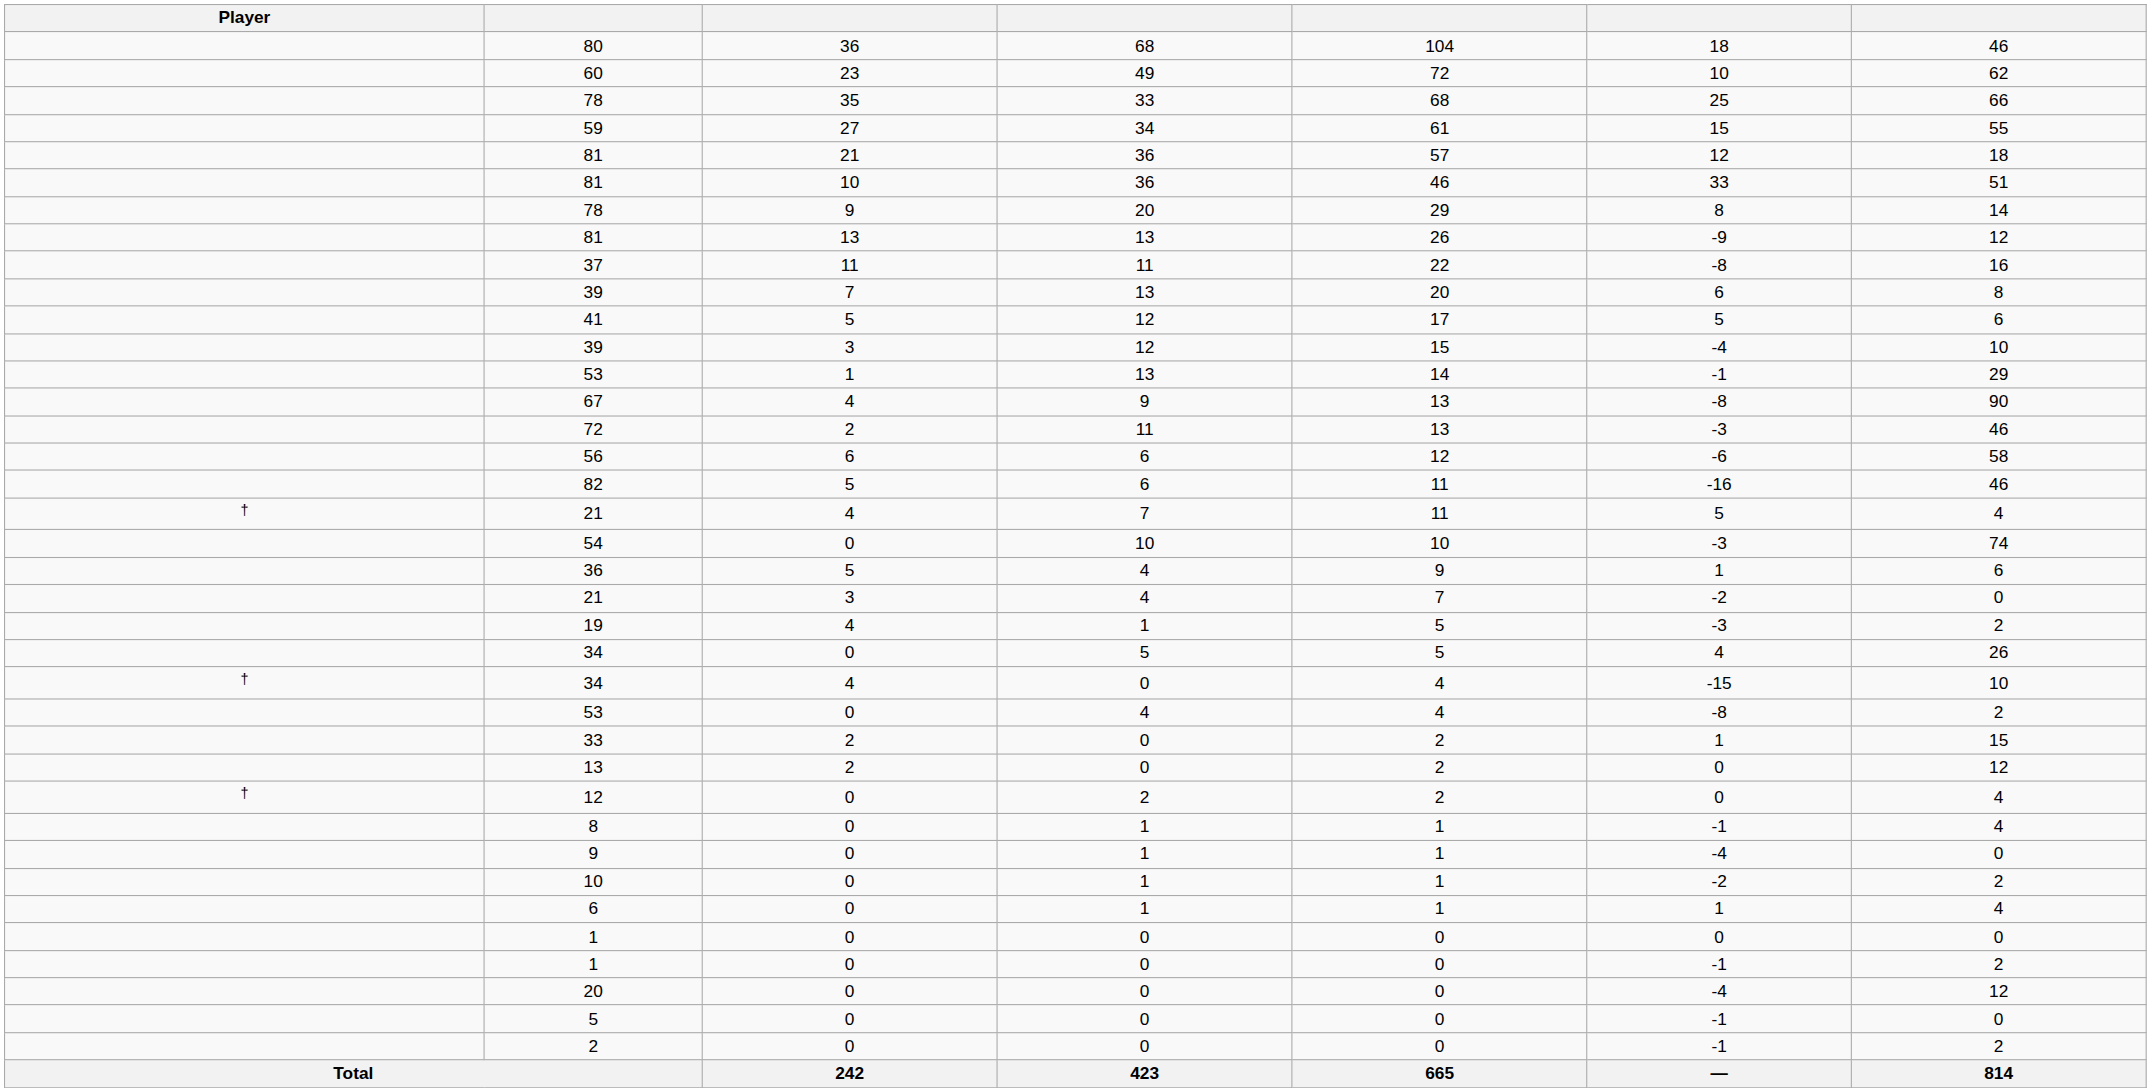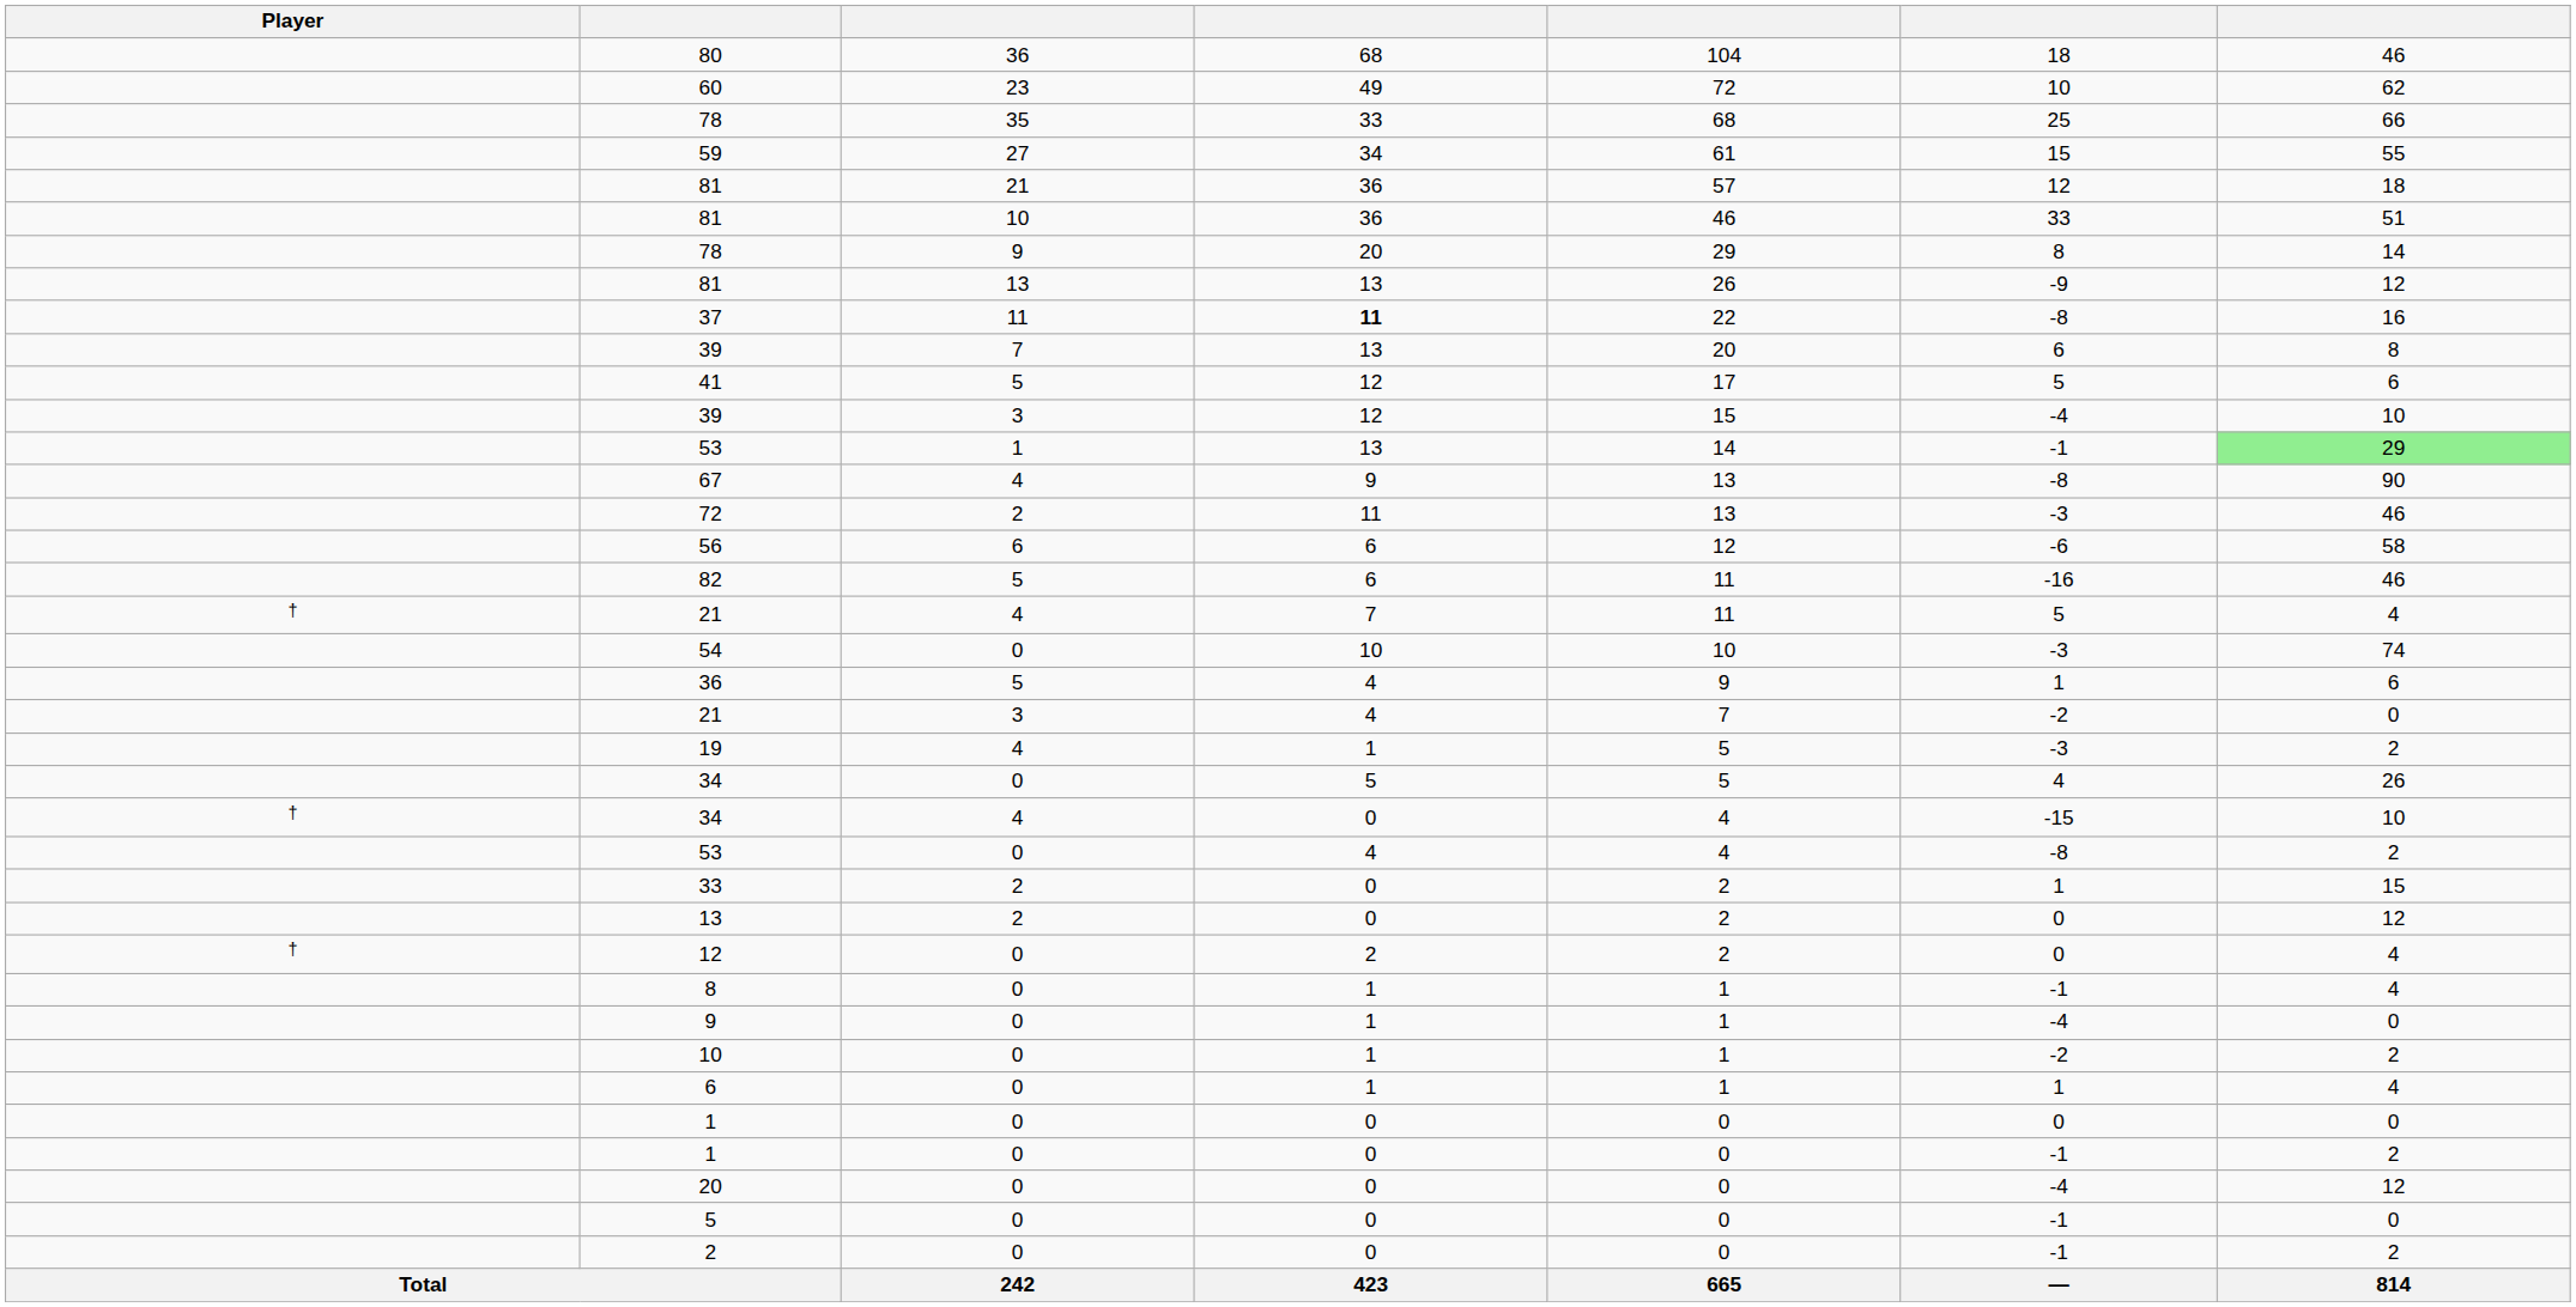 <table class="wikitable sortable" style="width:100%; text-align:center;">
 <tr align=center>
 <th>Player</th>
 <th></th>
 <th></th>
 <th></th>
 <th></th>
 <th data-sort-type="number"></th>
 <th></th>
 </tr>
 <tr>
 <td></td>
 <td>80</td>
 <td>36</td>
 <td>68</td>
 <td>104</td>
 <td>18</td>
 <td>46</td>
 </tr>
 <tr>
 <td></td>
 <td>60</td>
 <td>23</td>
 <td>49</td>
 <td>72</td>
 <td>10</td>
 <td>62</td>
 </tr>
 <tr>
 <td></td>
 <td>78</td>
 <td>35</td>
 <td>33</td>
 <td>68</td>
 <td>25</td>
 <td>66</td>
 </tr>
 <tr>
 <td></td>
 <td>59</td>
 <td>27</td>
 <td>34</td>
 <td>61</td>
 <td>15</td>
 <td>55</td>
 </tr>
 <tr>
 <td></td>
 <td>81</td>
 <td>21</td>
 <td>36</td>
 <td>57</td>
 <td>12</td>
 <td>18</td>
 </tr>
 <tr>
 <td></td>
 <td>81</td>
 <td>10</td>
 <td>36</td>
 <td>46</td>
 <td>33</td>
 <td>51</td>
 </tr>
 <tr>
 <td></td>
 <td>78</td>
 <td>9</td>
 <td>20</td>
 <td>29</td>
 <td>8</td>
 <td>14</td>
 </tr>
 <tr>
 <td></td>
 <td>81</td>
 <td>13</td>
 <td>13</td>
 <td>26</td>
 <td>-9</td>
 <td>12</td>
 </tr>
 <tr>
 <td></td>
 <td>37</td>
 <td>11</td>
-<td>11</td>
+<td><strong>11</strong></td>
 <td>22</td>
 <td>-8</td>
 <td>16</td>
 </tr>
 <tr>
 <td></td>
 <td>39</td>
 <td>7</td>
 <td>13</td>
 <td>20</td>
 <td>6</td>
 <td>8</td>
 </tr>
 <tr>
 <td></td>
 <td>41</td>
 <td>5</td>
 <td>12</td>
 <td>17</td>
 <td>5</td>
 <td>6</td>
 </tr>
 <tr>
 <td></td>
 <td>39</td>
 <td>3</td>
 <td>12</td>
 <td>15</td>
 <td>-4</td>
 <td>10</td>
 </tr>
 <tr>
 <td></td>
 <td>53</td>
 <td>1</td>
 <td>13</td>
 <td>14</td>
 <td>-1</td>
-<td>29</td>
+<td style="background: lightgreen;">29</td>
 </tr>
 <tr>
 <td></td>
 <td>67</td>
 <td>4</td>
 <td>9</td>
 <td>13</td>
 <td>-8</td>
 <td>90</td>
 </tr>
 <tr>
 <td></td>
 <td>72</td>
 <td>2</td>
 <td>11</td>
 <td>13</td>
 <td>-3</td>
 <td>46</td>
 </tr>
 <tr>
 <td></td>
 <td>56</td>
 <td>6</td>
 <td>6</td>
 <td>12</td>
 <td>-6</td>
 <td>58</td>
 </tr>
 <tr>
 <td></td>
 <td>82</td>
 <td>5</td>
 <td>6</td>
 <td>11</td>
 <td>-16</td>
 <td>46</td>
 </tr>
 <tr>
 <td><sup>†</sup></td>
 <td>21</td>
 <td>4</td>
 <td>7</td>
 <td>11</td>
 <td>5</td>
 <td>4</td>
 </tr>
 <tr>
 <td></td>
 <td>54</td>
 <td>0</td>
 <td>10</td>
 <td>10</td>
 <td>-3</td>
 <td>74</td>
 </tr>
 <tr>
 <td></td>
 <td>36</td>
 <td>5</td>
 <td>4</td>
 <td>9</td>
 <td>1</td>
 <td>6</td>
 </tr>
 <tr>
 <td></td>
 <td>21</td>
 <td>3</td>
 <td>4</td>
 <td>7</td>
 <td>-2</td>
 <td>0</td>
 </tr>
 <tr>
 <td></td>
 <td>19</td>
 <td>4</td>
 <td>1</td>
 <td>5</td>
 <td>-3</td>
 <td>2</td>
 </tr>
 <tr>
 <td></td>
 <td>34</td>
 <td>0</td>
 <td>5</td>
 <td>5</td>
 <td>4</td>
 <td>26</td>
 </tr>
 <tr>
 <td><sup>†</sup></td>
 <td>34</td>
 <td>4</td>
 <td>0</td>
 <td>4</td>
 <td>-15</td>
 <td>10</td>
 </tr>
 <tr>
 <td></td>
 <td>53</td>
 <td>0</td>
 <td>4</td>
 <td>4</td>
 <td>-8</td>
 <td>2</td>
 </tr>
 <tr>
 <td></td>
 <td>33</td>
 <td>2</td>
 <td>0</td>
 <td>2</td>
 <td>1</td>
 <td>15</td>
 </tr>
 <tr>
 <td></td>
 <td>13</td>
 <td>2</td>
 <td>0</td>
 <td>2</td>
 <td>0</td>
 <td>12</td>
 </tr>
 <tr>
 <td><sup>†</sup></td>
 <td>12</td>
 <td>0</td>
 <td>2</td>
 <td>2</td>
 <td>0</td>
 <td>4</td>
 </tr>
 <tr>
 <td></td>
 <td>8</td>
 <td>0</td>
 <td>1</td>
 <td>1</td>
 <td>-1</td>
 <td>4</td>
 </tr>
 <tr>
 <td></td>
 <td>9</td>
 <td>0</td>
 <td>1</td>
 <td>1</td>
 <td>-4</td>
 <td>0</td>
 </tr>
 <tr>
 <td></td>
 <td>10</td>
 <td>0</td>
 <td>1</td>
 <td>1</td>
 <td>-2</td>
 <td>2</td>
 </tr>
 <tr>
 <td></td>
 <td>6</td>
 <td>0</td>
 <td>1</td>
 <td>1</td>
 <td>1</td>
 <td>4</td>
 </tr>
 <tr>
 <td></td>
 <td>1</td>
 <td>0</td>
 <td>0</td>
 <td>0</td>
 <td>0</td>
 <td>0</td>
 </tr>
 <tr>
 <td></td>
 <td>1</td>
 <td>0</td>
 <td>0</td>
 <td>0</td>
 <td>-1</td>
 <td>2</td>
 </tr>
 <tr>
 <td></td>
 <td>20</td>
 <td>0</td>
 <td>0</td>
 <td>0</td>
 <td>-4</td>
 <td>12</td>
 </tr>
 <tr>
 <td></td>
 <td>5</td>
 <td>0</td>
 <td>0</td>
 <td>0</td>
 <td>-1</td>
 <td>0</td>
 </tr>
 <tr>
 <td></td>
 <td>2</td>
 <td>0</td>
 <td>0</td>
 <td>0</td>
 <td>-1</td>
 <td>2</td>
 </tr>
 <tr class="sortbottom">
 <th colspan=2>Total</th>
 <th>242</th>
 <th>423</th>
 <th>665</th>
 <th>—</th>
 <th>814</th>
 </tr>
 </table>
